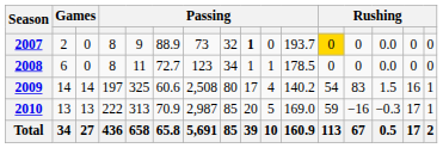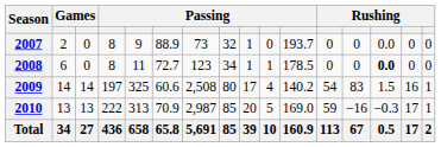 <table class="wikitable" style="text-align:center;">
 <tr>
 <th rowspan="2">Season</th>
 <th colspan="2">Games</th>
 <th colspan="8">Passing</th>
 <th colspan="6">Rushing</th>
 </tr>
 <tr>
 <th></th>
 <th></th>
 <th></th>
 <th></th>
 <th></th>
 <th></th>
 <th></th>
 <th></th>
 <th></th>
 <th></th>
 <th></th>
 <th></th>
 <th></th>
 <th></th>
 <th></th>
 </tr>
 <tr>
 <th><a href='#'>2007</a></th>
 <td>2</td>
 <td>0</td>
 <td>8</td>
 <td>9</td>
 <td>88.9</td>
 <td>73</td>
 <td>32</td>
-<td><strong>1</strong></td>
+<td>1</td>
 <td>0</td>
 <td>193.7</td>
-<td style="background: gold;">0</td>
+<td>0</td>
 <td>0</td>
 <td>0.0</td>
 <td>0</td>
 <td>0</td>
 </tr>
 <tr>
 <th><a href='#'>2008</a></th>
 <td>6</td>
 <td>0</td>
 <td>8</td>
 <td>11</td>
 <td>72.7</td>
 <td>123</td>
 <td>34</td>
 <td>1</td>
 <td>1</td>
 <td>178.5</td>
 <td>0</td>
 <td>0</td>
-<td>0.0</td>
+<td><strong>0.0</strong></td>
 <td>0</td>
 <td>0</td>
 </tr>
 <tr>
 <th><a href='#'>2009</a></th>
 <td>14</td>
 <td>14</td>
 <td>197</td>
 <td>325</td>
 <td>60.6</td>
 <td>2,508</td>
 <td>80</td>
 <td>17</td>
 <td>4</td>
 <td>140.2</td>
 <td>54</td>
 <td>83</td>
 <td>1.5</td>
 <td>16</td>
 <td>1</td>
 </tr>
 <tr>
 <th><a href='#'>2010</a></th>
 <td>13</td>
 <td>13</td>
 <td>222</td>
 <td>313</td>
 <td>70.9</td>
 <td>2,987</td>
 <td>85</td>
 <td>20</td>
 <td>5</td>
 <td>169.0</td>
 <td>59</td>
 <td>−16</td>
 <td>−0.3</td>
 <td>17</td>
 <td>1</td>
 </tr>
 <tr>
 <th>Total</th>
 <th>34</th>
 <th>27</th>
 <th>436</th>
 <th>658</th>
 <th>65.8</th>
 <th>5,691</th>
 <th>85</th>
 <th>39</th>
 <th>10</th>
 <th>160.9</th>
 <th>113</th>
 <th>67</th>
 <th>0.5</th>
 <th>17</th>
 <th>2</th>
 </tr>
 </table>
